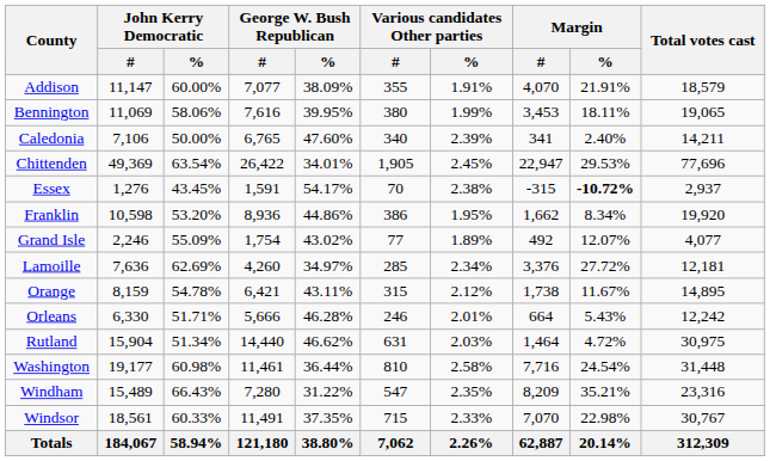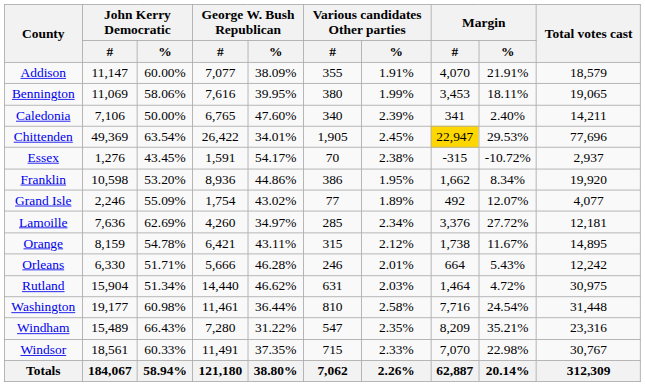 <table width="60%"  class="wikitable sortable" style="text-align:center">
 <tr>
 <th style="text-align:center;" rowspan="2">County</th>
 <th style="text-align:center;" colspan="2">John Kerry<br>Democratic</th>
 <th style="text-align:center;" colspan="2">George W. Bush<br>Republican</th>
 <th style="text-align:center;" colspan="2">Various candidates<br>Other parties</th>
 <th style="text-align:center;" colspan="2">Margin</th>
 <th style="text-align:center;" rowspan="2">Total votes cast</th>
 </tr>
 <tr>
 <th style="text-align:center;" data-sort-type="number">#</th>
 <th style="text-align:center;" data-sort-type="number">%</th>
 <th style="text-align:center;" data-sort-type="number">#</th>
 <th style="text-align:center;" data-sort-type="number">%</th>
 <th style="text-align:center;" data-sort-type="number">#</th>
 <th style="text-align:center;" data-sort-type="number">%</th>
 <th style="text-align:center;" data-sort-type="number">#</th>
 <th style="text-align:center;" data-sort-type="number">%</th>
 </tr>
 <tr style="text-align:center;">
 <td><a href='#'>Addison</a></td>
 <td>11,147</td>
 <td>60.00%</td>
 <td>7,077</td>
 <td>38.09%</td>
 <td>355</td>
 <td>1.91%</td>
 <td>4,070</td>
 <td>21.91%</td>
 <td>18,579</td>
 </tr>
 <tr style="text-align:center;">
 <td><a href='#'>Bennington</a></td>
 <td>11,069</td>
 <td>58.06%</td>
 <td>7,616</td>
 <td>39.95%</td>
 <td>380</td>
 <td>1.99%</td>
 <td>3,453</td>
 <td>18.11%</td>
 <td>19,065</td>
 </tr>
 <tr style="text-align:center;">
 <td><a href='#'>Caledonia</a></td>
 <td>7,106</td>
 <td>50.00%</td>
 <td>6,765</td>
 <td>47.60%</td>
 <td>340</td>
 <td>2.39%</td>
 <td>341</td>
 <td>2.40%</td>
 <td>14,211</td>
 </tr>
 <tr style="text-align:center;">
 <td><a href='#'>Chittenden</a></td>
 <td>49,369</td>
 <td>63.54%</td>
 <td>26,422</td>
 <td>34.01%</td>
 <td>1,905</td>
 <td>2.45%</td>
-<td>22,947</td>
+<td style="background: gold;">22,947</td>
 <td>29.53%</td>
 <td>77,696</td>
 </tr>
 <tr style="text-align:center;">
 <td><a href='#'>Essex</a></td>
 <td>1,276</td>
 <td>43.45%</td>
 <td>1,591</td>
 <td>54.17%</td>
 <td>70</td>
 <td>2.38%</td>
 <td>-315</td>
-<td><strong>-10.72%</strong></td>
+<td>-10.72%</td>
 <td>2,937</td>
 </tr>
 <tr style="text-align:center;">
 <td><a href='#'>Franklin</a></td>
 <td>10,598</td>
 <td>53.20%</td>
 <td>8,936</td>
 <td>44.86%</td>
 <td>386</td>
 <td>1.95%</td>
 <td>1,662</td>
 <td>8.34%</td>
 <td>19,920</td>
 </tr>
 <tr style="text-align:center;">
 <td><a href='#'>Grand Isle</a></td>
 <td>2,246</td>
 <td>55.09%</td>
 <td>1,754</td>
 <td>43.02%</td>
 <td>77</td>
 <td>1.89%</td>
 <td>492</td>
 <td>12.07%</td>
 <td>4,077</td>
 </tr>
 <tr style="text-align:center;">
 <td><a href='#'>Lamoille</a></td>
 <td>7,636</td>
 <td>62.69%</td>
 <td>4,260</td>
 <td>34.97%</td>
 <td>285</td>
 <td>2.34%</td>
 <td>3,376</td>
 <td>27.72%</td>
 <td>12,181</td>
 </tr>
 <tr style="text-align:center;">
 <td><a href='#'>Orange</a></td>
 <td>8,159</td>
 <td>54.78%</td>
 <td>6,421</td>
 <td>43.11%</td>
 <td>315</td>
 <td>2.12%</td>
 <td>1,738</td>
 <td>11.67%</td>
 <td>14,895</td>
 </tr>
 <tr style="text-align:center;">
 <td><a href='#'>Orleans</a></td>
 <td>6,330</td>
 <td>51.71%</td>
 <td>5,666</td>
 <td>46.28%</td>
 <td>246</td>
 <td>2.01%</td>
 <td>664</td>
 <td>5.43%</td>
 <td>12,242</td>
 </tr>
 <tr style="text-align:center;">
 <td><a href='#'>Rutland</a></td>
 <td>15,904</td>
 <td>51.34%</td>
 <td>14,440</td>
 <td>46.62%</td>
 <td>631</td>
 <td>2.03%</td>
 <td>1,464</td>
 <td>4.72%</td>
 <td>30,975</td>
 </tr>
 <tr style="text-align:center;">
 <td><a href='#'>Washington</a></td>
 <td>19,177</td>
 <td>60.98%</td>
 <td>11,461</td>
 <td>36.44%</td>
 <td>810</td>
 <td>2.58%</td>
 <td>7,716</td>
 <td>24.54%</td>
 <td>31,448</td>
 </tr>
 <tr style="text-align:center;">
 <td><a href='#'>Windham</a></td>
 <td>15,489</td>
 <td>66.43%</td>
 <td>7,280</td>
 <td>31.22%</td>
 <td>547</td>
 <td>2.35%</td>
 <td>8,209</td>
 <td>35.21%</td>
 <td>23,316</td>
 </tr>
 <tr style="text-align:center;">
 <td><a href='#'>Windsor</a></td>
 <td>18,561</td>
 <td>60.33%</td>
 <td>11,491</td>
 <td>37.35%</td>
 <td>715</td>
 <td>2.33%</td>
 <td>7,070</td>
 <td>22.98%</td>
 <td>30,767</td>
 </tr>
 <tr>
 <th>Totals</th>
 <th>184,067</th>
 <th>58.94%</th>
 <th>121,180</th>
 <th>38.80%</th>
 <th>7,062</th>
 <th>2.26%</th>
 <th>62,887</th>
 <th>20.14%</th>
 <th>312,309</th>
 </tr>
 </table>
